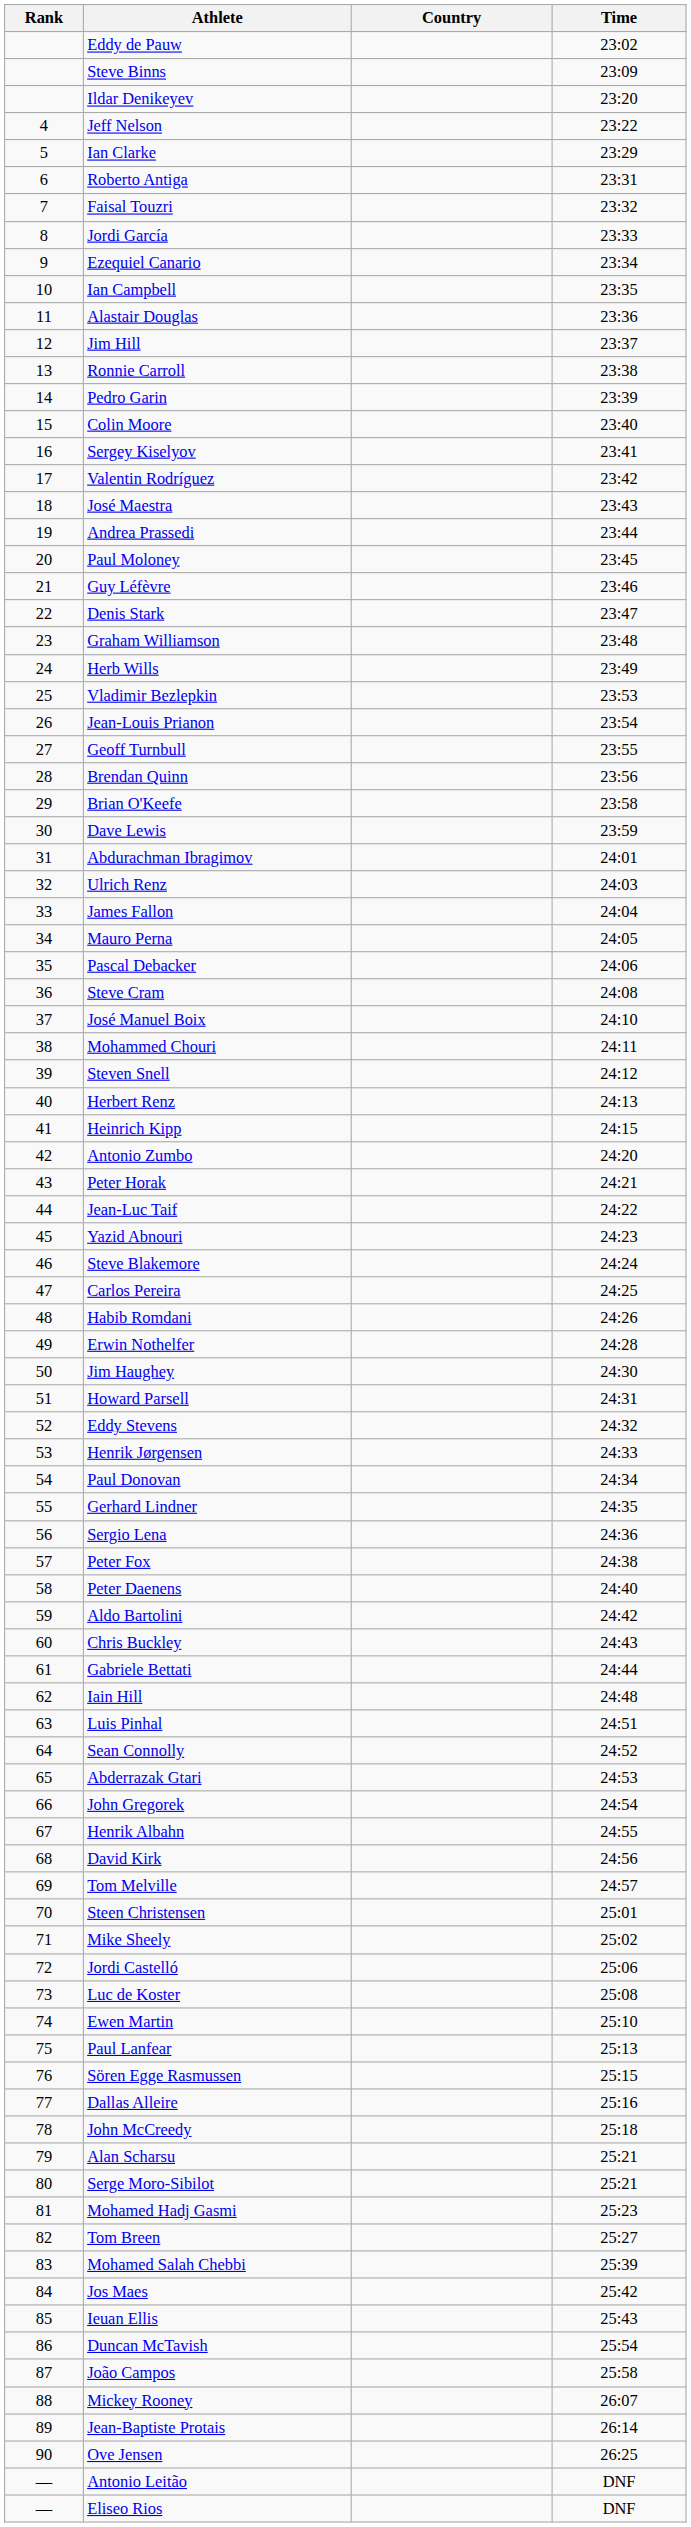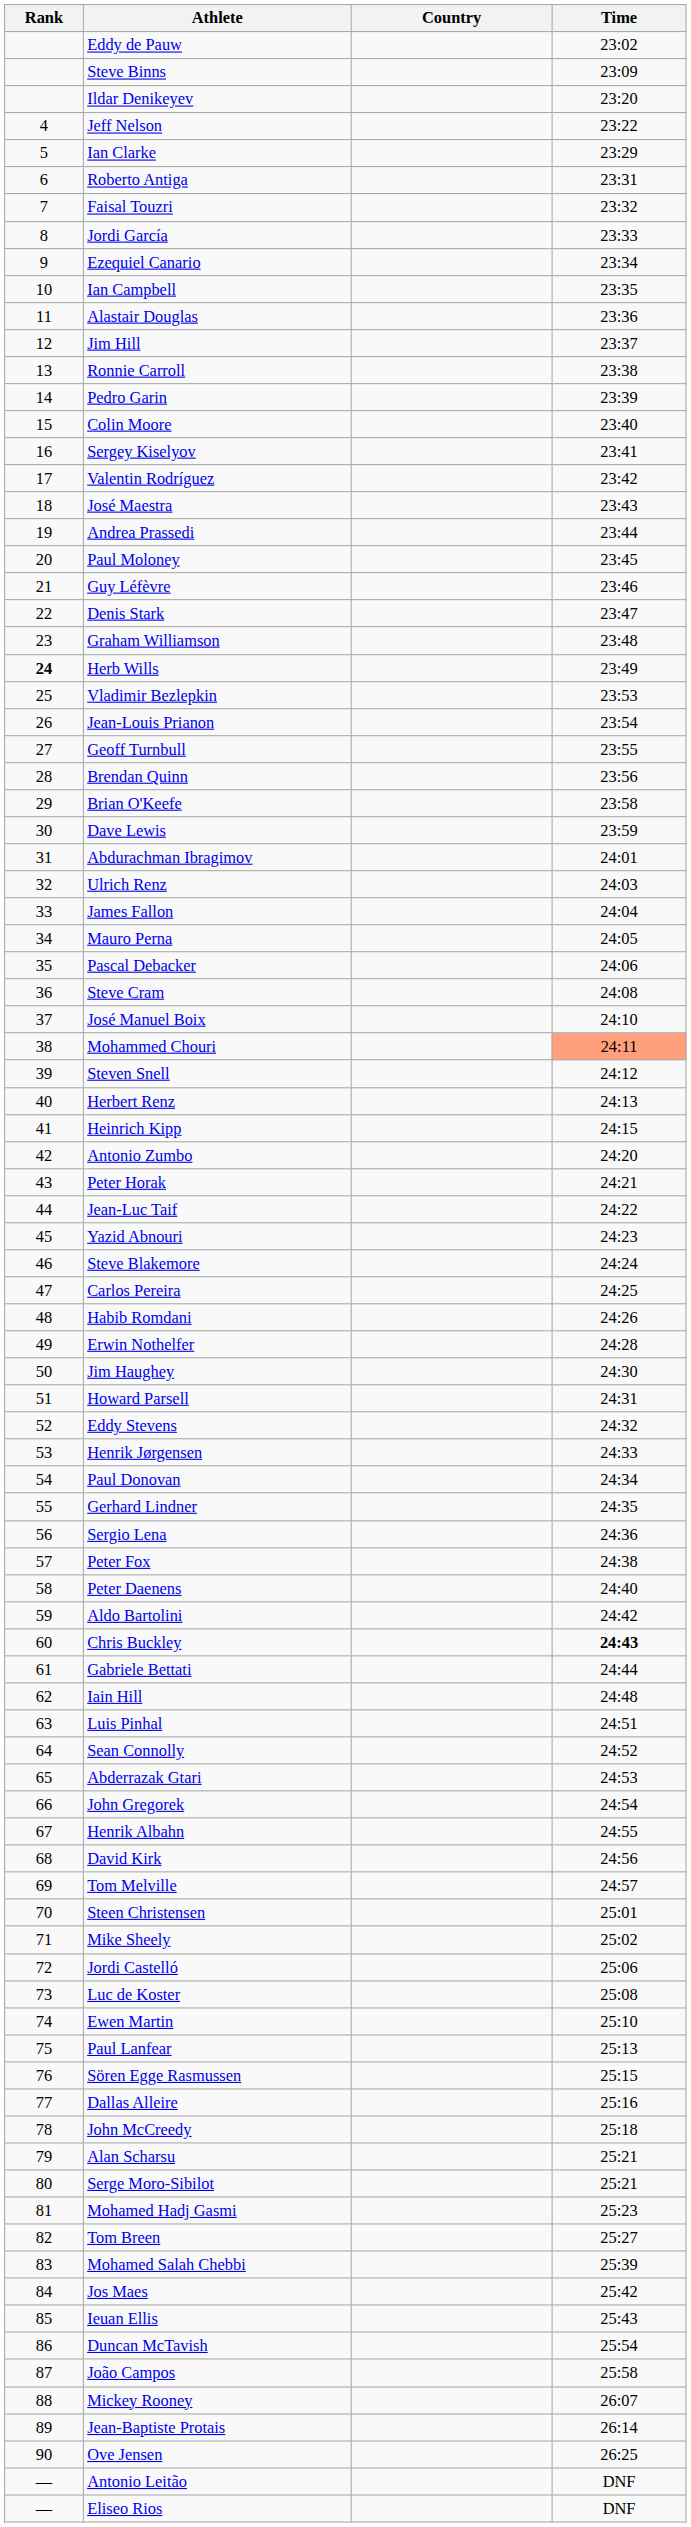 <table class="wikitable sortable" style=" text-align:center; font-size:95%;" width="50%">
 <tr>
 <th width=5%>Rank</th>
 <th width=20%>Athlete</th>
 <th width=15%>Country</th>
 <th width=10%>Time</th>
 </tr>
 <tr>
 <td align=center></td>
 <td align=left><a href='#'>Eddy de Pauw</a></td>
 <td align=left></td>
 <td>23:02</td>
 </tr>
 <tr>
 <td align=center></td>
 <td align=left><a href='#'>Steve Binns</a></td>
 <td align=left></td>
 <td>23:09</td>
 </tr>
 <tr>
 <td align=center></td>
 <td align=left><a href='#'>Ildar Denikeyev</a></td>
 <td align=left></td>
 <td>23:20</td>
 </tr>
 <tr>
 <td align=center>4</td>
 <td align=left><a href='#'>Jeff Nelson</a></td>
 <td align=left></td>
 <td>23:22</td>
 </tr>
 <tr>
 <td align=center>5</td>
 <td align=left><a href='#'>Ian Clarke</a></td>
 <td align=left></td>
 <td>23:29</td>
 </tr>
 <tr>
 <td align=center>6</td>
 <td align=left><a href='#'>Roberto Antiga</a></td>
 <td align=left></td>
 <td>23:31</td>
 </tr>
 <tr>
 <td align=center>7</td>
 <td align=left><a href='#'>Faisal Touzri</a></td>
 <td align=left></td>
 <td>23:32</td>
 </tr>
 <tr>
 <td align=center>8</td>
 <td align=left><a href='#'>Jordi García</a></td>
 <td align=left></td>
 <td>23:33</td>
 </tr>
 <tr>
 <td align=center>9</td>
 <td align=left><a href='#'>Ezequiel Canario</a></td>
 <td align=left></td>
 <td>23:34</td>
 </tr>
 <tr>
 <td align=center>10</td>
 <td align=left><a href='#'>Ian Campbell</a></td>
 <td align=left></td>
 <td>23:35</td>
 </tr>
 <tr>
 <td align=center>11</td>
 <td align=left><a href='#'>Alastair Douglas</a></td>
 <td align=left></td>
 <td>23:36</td>
 </tr>
 <tr>
 <td align=center>12</td>
 <td align=left><a href='#'>Jim Hill</a></td>
 <td align=left></td>
 <td>23:37</td>
 </tr>
 <tr>
 <td align=center>13</td>
 <td align=left><a href='#'>Ronnie Carroll</a></td>
 <td align=left></td>
 <td>23:38</td>
 </tr>
 <tr>
 <td align=center>14</td>
 <td align=left><a href='#'>Pedro Garin</a></td>
 <td align=left></td>
 <td>23:39</td>
 </tr>
 <tr>
 <td align=center>15</td>
 <td align=left><a href='#'>Colin Moore</a></td>
 <td align=left></td>
 <td>23:40</td>
 </tr>
 <tr>
 <td align=center>16</td>
 <td align=left><a href='#'>Sergey Kiselyov</a></td>
 <td align=left></td>
 <td>23:41</td>
 </tr>
 <tr>
 <td align=center>17</td>
 <td align=left><a href='#'>Valentin Rodríguez</a></td>
 <td align=left></td>
 <td>23:42</td>
 </tr>
 <tr>
 <td align=center>18</td>
 <td align=left><a href='#'>José Maestra</a></td>
 <td align=left></td>
 <td>23:43</td>
 </tr>
 <tr>
 <td align=center>19</td>
 <td align=left><a href='#'>Andrea Prassedi</a></td>
 <td align=left></td>
 <td>23:44</td>
 </tr>
 <tr>
 <td align=center>20</td>
 <td align=left><a href='#'>Paul Moloney</a></td>
 <td align=left></td>
 <td>23:45</td>
 </tr>
 <tr>
 <td align=center>21</td>
 <td align=left><a href='#'>Guy Léfèvre</a></td>
 <td align=left></td>
 <td>23:46</td>
 </tr>
 <tr>
 <td align=center>22</td>
 <td align=left><a href='#'>Denis Stark</a></td>
 <td align=left></td>
 <td>23:47</td>
 </tr>
 <tr>
 <td align=center>23</td>
 <td align=left><a href='#'>Graham Williamson</a></td>
 <td align=left></td>
 <td>23:48</td>
 </tr>
 <tr>
-<td align=center>24</td>
+<td align=center><strong>24</strong></td>
 <td align=left><a href='#'>Herb Wills</a></td>
 <td align=left></td>
 <td>23:49</td>
 </tr>
 <tr>
 <td align=center>25</td>
 <td align=left><a href='#'>Vladimir Bezlepkin</a></td>
 <td align=left></td>
 <td>23:53</td>
 </tr>
 <tr>
 <td align=center>26</td>
 <td align=left><a href='#'>Jean-Louis Prianon</a></td>
 <td align=left></td>
 <td>23:54</td>
 </tr>
 <tr>
 <td align=center>27</td>
 <td align=left><a href='#'>Geoff Turnbull</a></td>
 <td align=left></td>
 <td>23:55</td>
 </tr>
 <tr>
 <td align=center>28</td>
 <td align=left><a href='#'>Brendan Quinn</a></td>
 <td align=left></td>
 <td>23:56</td>
 </tr>
 <tr>
 <td align=center>29</td>
 <td align=left><a href='#'>Brian O'Keefe</a></td>
 <td align=left></td>
 <td>23:58</td>
 </tr>
 <tr>
 <td align=center>30</td>
 <td align=left><a href='#'>Dave Lewis</a></td>
 <td align=left></td>
 <td>23:59</td>
 </tr>
 <tr>
 <td align=center>31</td>
 <td align=left><a href='#'>Abdurachman Ibragimov</a></td>
 <td align=left></td>
 <td>24:01</td>
 </tr>
 <tr>
 <td align=center>32</td>
 <td align=left><a href='#'>Ulrich Renz</a></td>
 <td align=left></td>
 <td>24:03</td>
 </tr>
 <tr>
 <td align=center>33</td>
 <td align=left><a href='#'>James Fallon</a></td>
 <td align=left></td>
 <td>24:04</td>
 </tr>
 <tr>
 <td align=center>34</td>
 <td align=left><a href='#'>Mauro Perna</a></td>
 <td align=left></td>
 <td>24:05</td>
 </tr>
 <tr>
 <td align=center>35</td>
 <td align=left><a href='#'>Pascal Debacker</a></td>
 <td align=left></td>
 <td>24:06</td>
 </tr>
 <tr>
 <td align=center>36</td>
 <td align=left><a href='#'>Steve Cram</a></td>
 <td align=left></td>
 <td>24:08</td>
 </tr>
 <tr>
 <td align=center>37</td>
 <td align=left><a href='#'>José Manuel Boix</a></td>
 <td align=left></td>
 <td>24:10</td>
 </tr>
 <tr>
 <td align=center>38</td>
 <td align=left><a href='#'>Mohammed Chouri</a></td>
 <td align=left></td>
-<td>24:11</td>
+<td style="background: lightsalmon;">24:11</td>
 </tr>
 <tr>
 <td align=center>39</td>
 <td align=left><a href='#'>Steven Snell</a></td>
 <td align=left></td>
 <td>24:12</td>
 </tr>
 <tr>
 <td align=center>40</td>
 <td align=left><a href='#'>Herbert Renz</a></td>
 <td align=left></td>
 <td>24:13</td>
 </tr>
 <tr>
 <td align=center>41</td>
 <td align=left><a href='#'>Heinrich Kipp</a></td>
 <td align=left></td>
 <td>24:15</td>
 </tr>
 <tr>
 <td align=center>42</td>
 <td align=left><a href='#'>Antonio Zumbo</a></td>
 <td align=left></td>
 <td>24:20</td>
 </tr>
 <tr>
 <td align=center>43</td>
 <td align=left><a href='#'>Peter Horak</a></td>
 <td align=left></td>
 <td>24:21</td>
 </tr>
 <tr>
 <td align=center>44</td>
 <td align=left><a href='#'>Jean-Luc Taif</a></td>
 <td align=left></td>
 <td>24:22</td>
 </tr>
 <tr>
 <td align=center>45</td>
 <td align=left><a href='#'>Yazid Abnouri</a></td>
 <td align=left></td>
 <td>24:23</td>
 </tr>
 <tr>
 <td align=center>46</td>
 <td align=left><a href='#'>Steve Blakemore</a></td>
 <td align=left></td>
 <td>24:24</td>
 </tr>
 <tr>
 <td align=center>47</td>
 <td align=left><a href='#'>Carlos Pereira</a></td>
 <td align=left></td>
 <td>24:25</td>
 </tr>
 <tr>
 <td align=center>48</td>
 <td align=left><a href='#'>Habib Romdani</a></td>
 <td align=left></td>
 <td>24:26</td>
 </tr>
 <tr>
 <td align=center>49</td>
 <td align=left><a href='#'>Erwin Nothelfer</a></td>
 <td align=left></td>
 <td>24:28</td>
 </tr>
 <tr>
 <td align=center>50</td>
 <td align=left><a href='#'>Jim Haughey</a></td>
 <td align=left></td>
 <td>24:30</td>
 </tr>
 <tr>
 <td align=center>51</td>
 <td align=left><a href='#'>Howard Parsell</a></td>
 <td align=left></td>
 <td>24:31</td>
 </tr>
 <tr>
 <td align=center>52</td>
 <td align=left><a href='#'>Eddy Stevens</a></td>
 <td align=left></td>
 <td>24:32</td>
 </tr>
 <tr>
 <td align=center>53</td>
 <td align=left><a href='#'>Henrik Jørgensen</a></td>
 <td align=left></td>
 <td>24:33</td>
 </tr>
 <tr>
 <td align=center>54</td>
 <td align=left><a href='#'>Paul Donovan</a></td>
 <td align=left></td>
 <td>24:34</td>
 </tr>
 <tr>
 <td align=center>55</td>
 <td align=left><a href='#'>Gerhard Lindner</a></td>
 <td align=left></td>
 <td>24:35</td>
 </tr>
 <tr>
 <td align=center>56</td>
 <td align=left><a href='#'>Sergio Lena</a></td>
 <td align=left></td>
 <td>24:36</td>
 </tr>
 <tr>
 <td align=center>57</td>
 <td align=left><a href='#'>Peter Fox</a></td>
 <td align=left></td>
 <td>24:38</td>
 </tr>
 <tr>
 <td align=center>58</td>
 <td align=left><a href='#'>Peter Daenens</a></td>
 <td align=left></td>
 <td>24:40</td>
 </tr>
 <tr>
 <td align=center>59</td>
 <td align=left><a href='#'>Aldo Bartolini</a></td>
 <td align=left></td>
 <td>24:42</td>
 </tr>
 <tr>
 <td align=center>60</td>
 <td align=left><a href='#'>Chris Buckley</a></td>
 <td align=left></td>
-<td>24:43</td>
+<td><strong>24:43</strong></td>
 </tr>
 <tr>
 <td align=center>61</td>
 <td align=left><a href='#'>Gabriele Bettati</a></td>
 <td align=left></td>
 <td>24:44</td>
 </tr>
 <tr>
 <td align=center>62</td>
 <td align=left><a href='#'>Iain Hill</a></td>
 <td align=left></td>
 <td>24:48</td>
 </tr>
 <tr>
 <td align=center>63</td>
 <td align=left><a href='#'>Luis Pinhal</a></td>
 <td align=left></td>
 <td>24:51</td>
 </tr>
 <tr>
 <td align=center>64</td>
 <td align=left><a href='#'>Sean Connolly</a></td>
 <td align=left></td>
 <td>24:52</td>
 </tr>
 <tr>
 <td align=center>65</td>
 <td align=left><a href='#'>Abderrazak Gtari</a></td>
 <td align=left></td>
 <td>24:53</td>
 </tr>
 <tr>
 <td align=center>66</td>
 <td align=left><a href='#'>John Gregorek</a></td>
 <td align=left></td>
 <td>24:54</td>
 </tr>
 <tr>
 <td align=center>67</td>
 <td align=left><a href='#'>Henrik Albahn</a></td>
 <td align=left></td>
 <td>24:55</td>
 </tr>
 <tr>
 <td align=center>68</td>
 <td align=left><a href='#'>David Kirk</a></td>
 <td align=left></td>
 <td>24:56</td>
 </tr>
 <tr>
 <td align=center>69</td>
 <td align=left><a href='#'>Tom Melville</a></td>
 <td align=left></td>
 <td>24:57</td>
 </tr>
 <tr>
 <td align=center>70</td>
 <td align=left><a href='#'>Steen Christensen</a></td>
 <td align=left></td>
 <td>25:01</td>
 </tr>
 <tr>
 <td align=center>71</td>
 <td align=left><a href='#'>Mike Sheely</a></td>
 <td align=left></td>
 <td>25:02</td>
 </tr>
 <tr>
 <td align=center>72</td>
 <td align=left><a href='#'>Jordi Castelló</a></td>
 <td align=left></td>
 <td>25:06</td>
 </tr>
 <tr>
 <td align=center>73</td>
 <td align=left><a href='#'>Luc de Koster</a></td>
 <td align=left></td>
 <td>25:08</td>
 </tr>
 <tr>
 <td align=center>74</td>
 <td align=left><a href='#'>Ewen Martin</a></td>
 <td align=left></td>
 <td>25:10</td>
 </tr>
 <tr>
 <td align=center>75</td>
 <td align=left><a href='#'>Paul Lanfear</a></td>
 <td align=left></td>
 <td>25:13</td>
 </tr>
 <tr>
 <td align=center>76</td>
 <td align=left><a href='#'>Sören Egge Rasmussen</a></td>
 <td align=left></td>
 <td>25:15</td>
 </tr>
 <tr>
 <td align=center>77</td>
 <td align=left><a href='#'>Dallas Alleire</a></td>
 <td align=left></td>
 <td>25:16</td>
 </tr>
 <tr>
 <td align=center>78</td>
 <td align=left><a href='#'>John McCreedy</a></td>
 <td align=left></td>
 <td>25:18</td>
 </tr>
 <tr>
 <td align=center>79</td>
 <td align=left><a href='#'>Alan Scharsu</a></td>
 <td align=left></td>
 <td>25:21</td>
 </tr>
 <tr>
 <td align=center>80</td>
 <td align=left><a href='#'>Serge Moro-Sibilot</a></td>
 <td align=left></td>
 <td>25:21</td>
 </tr>
 <tr>
 <td align=center>81</td>
 <td align=left><a href='#'>Mohamed Hadj Gasmi</a></td>
 <td align=left></td>
 <td>25:23</td>
 </tr>
 <tr>
 <td align=center>82</td>
 <td align=left><a href='#'>Tom Breen</a></td>
 <td align=left></td>
 <td>25:27</td>
 </tr>
 <tr>
 <td align=center>83</td>
 <td align=left><a href='#'>Mohamed Salah Chebbi</a></td>
 <td align=left></td>
 <td>25:39</td>
 </tr>
 <tr>
 <td align=center>84</td>
 <td align=left><a href='#'>Jos Maes</a></td>
 <td align=left></td>
 <td>25:42</td>
 </tr>
 <tr>
 <td align=center>85</td>
 <td align=left><a href='#'>Ieuan Ellis</a></td>
 <td align=left></td>
 <td>25:43</td>
 </tr>
 <tr>
 <td align=center>86</td>
 <td align=left><a href='#'>Duncan McTavish</a></td>
 <td align=left></td>
 <td>25:54</td>
 </tr>
 <tr>
 <td align=center>87</td>
 <td align=left><a href='#'>João Campos</a></td>
 <td align=left></td>
 <td>25:58</td>
 </tr>
 <tr>
 <td align=center>88</td>
 <td align=left><a href='#'>Mickey Rooney</a></td>
 <td align=left></td>
 <td>26:07</td>
 </tr>
 <tr>
 <td align=center>89</td>
 <td align=left><a href='#'>Jean-Baptiste Protais</a></td>
 <td align=left></td>
 <td>26:14</td>
 </tr>
 <tr>
 <td align=center>90</td>
 <td align=left><a href='#'>Ove Jensen</a></td>
 <td align=left></td>
 <td>26:25</td>
 </tr>
 <tr>
 <td align=center>—</td>
 <td align=left><a href='#'>Antonio Leitão</a></td>
 <td align=left></td>
 <td>DNF</td>
 </tr>
 <tr>
 <td align=center>—</td>
 <td align=left><a href='#'>Eliseo Rios</a></td>
 <td align=left></td>
 <td>DNF</td>
 </tr>
 </table>
